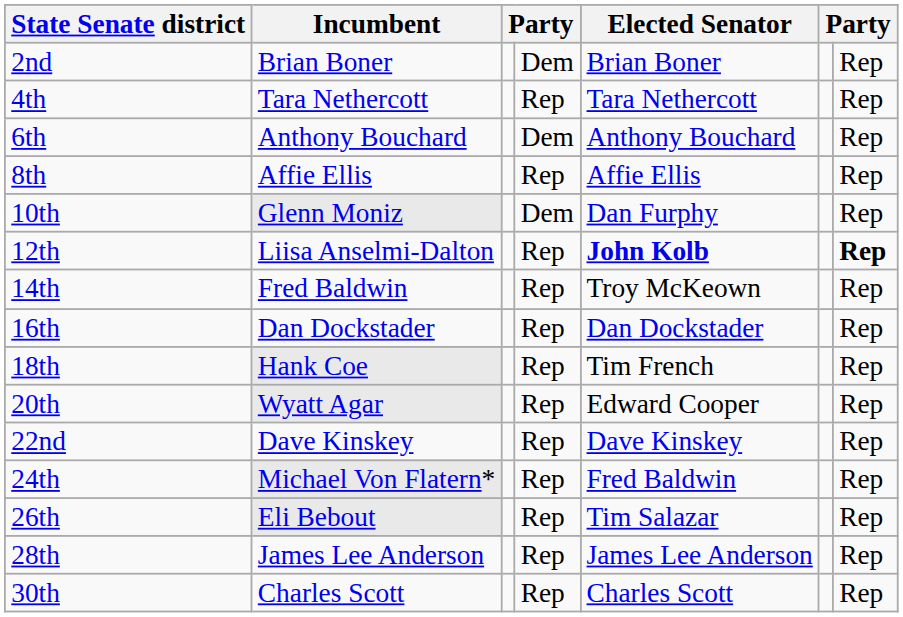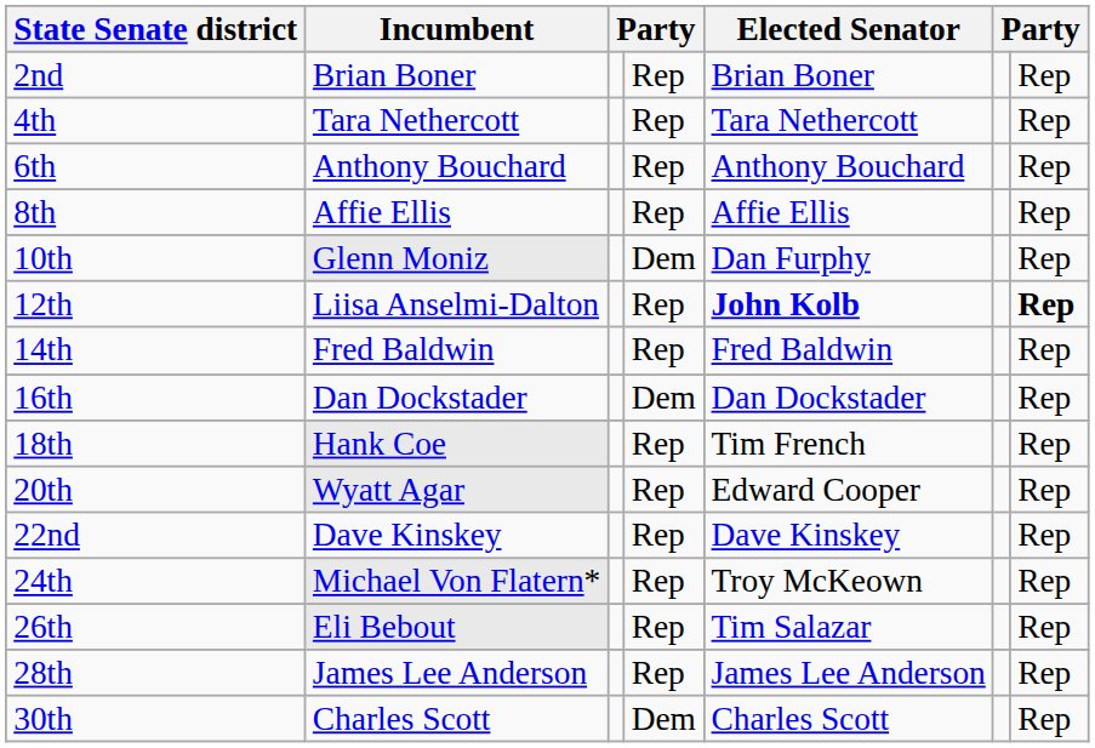 <table class="sortable wikitable" style="font-size:95%;line-height:14px;">
 <tr>
 <th colspan="1" class="unsortable"><a href='#'>State Senate</a> district</th>
 <th class="unsortable">Incumbent</th>
 <th colspan="2">Party</th>
 <th class="unsortable">Elected Senator</th>
 <th colspan="2">Party</th>
 </tr>
 <tr>
 <td><a href='#'>2nd</a></td>
 <td><a href='#'>Brian Boner</a></td>
 <td style="background:"></td>
-<td>Dem</td>
+<td>Rep</td>
 <td><a href='#'>Brian Boner</a></td>
 <td style="background:"></td>
 <td>Rep</td>
 </tr>
 <tr>
 <td><a href='#'>4th</a></td>
 <td><a href='#'>Tara Nethercott</a></td>
 <td style="background:"></td>
 <td>Rep</td>
 <td><a href='#'>Tara Nethercott</a></td>
 <td style="background:"></td>
 <td>Rep</td>
 </tr>
 <tr>
 <td><a href='#'>6th</a></td>
 <td><a href='#'>Anthony Bouchard</a></td>
 <td style="background:"></td>
-<td>Dem</td>
+<td>Rep</td>
 <td><a href='#'>Anthony Bouchard</a></td>
 <td style="background:"></td>
 <td>Rep</td>
 </tr>
 <tr>
 <td><a href='#'>8th</a></td>
 <td><a href='#'>Affie Ellis</a></td>
 <td style="background:"></td>
 <td>Rep</td>
 <td><a href='#'>Affie Ellis</a></td>
 <td style="background:"></td>
 <td>Rep</td>
 </tr>
 <tr>
 <td><a href='#'>10th</a></td>
 <td style="background:#E9E9E9;"><a href='#'>Glenn Moniz</a></td>
 <td style="background:"></td>
 <td>Dem</td>
 <td><a href='#'>Dan Furphy</a></td>
 <td style="background:"></td>
 <td>Rep</td>
 </tr>
 <tr>
 <td><a href='#'>12th</a></td>
 <td><a href='#'>Liisa Anselmi-Dalton</a></td>
 <td style="background:"></td>
 <td>Rep</td>
 <td><strong><a href='#'>John Kolb</a></strong></td>
 <td style="background:"></td>
 <td><strong>Rep</strong></td>
 </tr>
 <tr>
 <td><a href='#'>14th</a></td>
 <td><a href='#'>Fred Baldwin</a></td>
 <td style="background:"></td>
 <td>Rep</td>
-<td>Troy McKeown</td>
+<td><a href='#'>Fred Baldwin</a></td>
 <td style="background:"></td>
 <td>Rep</td>
 </tr>
 <tr>
 <td><a href='#'>16th</a></td>
 <td><a href='#'>Dan Dockstader</a></td>
 <td style="background:"></td>
-<td>Rep</td>
+<td>Dem</td>
 <td><a href='#'>Dan Dockstader</a></td>
 <td style="background:"></td>
 <td>Rep</td>
 </tr>
 <tr>
 <td><a href='#'>18th</a></td>
 <td style="background:#E9E9E9;"><a href='#'>Hank Coe</a></td>
 <td style="background:"></td>
 <td>Rep</td>
 <td>Tim French</td>
 <td style="background:"></td>
 <td>Rep</td>
 </tr>
 <tr>
 <td><a href='#'>20th</a></td>
 <td style="background:#E9E9E9;"><a href='#'>Wyatt Agar</a></td>
 <td style="background:"></td>
 <td>Rep</td>
 <td>Edward Cooper</td>
 <td style="background:"></td>
 <td>Rep</td>
 </tr>
 <tr>
 <td><a href='#'>22nd</a></td>
 <td><a href='#'>Dave Kinskey</a></td>
 <td style="background:"></td>
 <td>Rep</td>
 <td><a href='#'>Dave Kinskey</a></td>
 <td style="background:"></td>
 <td>Rep</td>
 </tr>
 <tr>
 <td><a href='#'>24th</a></td>
 <td style="background:#E9E9E9;"><a href='#'>Michael Von Flatern</a>*</td>
 <td style="background:"></td>
 <td>Rep</td>
-<td><a href='#'>Fred Baldwin</a></td>
+<td>Troy McKeown</td>
 <td style="background:"></td>
 <td>Rep</td>
 </tr>
 <tr>
 <td><a href='#'>26th</a></td>
 <td style="background:#E9E9E9;"><a href='#'>Eli Bebout</a></td>
 <td style="background:"></td>
 <td>Rep</td>
 <td><a href='#'>Tim Salazar</a></td>
 <td style="background:"></td>
 <td>Rep</td>
 </tr>
 <tr>
 <td><a href='#'>28th</a></td>
 <td><a href='#'>James Lee Anderson</a></td>
 <td style="background:"></td>
 <td>Rep</td>
 <td><a href='#'>James Lee Anderson</a></td>
 <td style="background:"></td>
 <td>Rep</td>
 </tr>
 <tr>
 <td><a href='#'>30th</a></td>
 <td><a href='#'>Charles Scott</a></td>
 <td style="background:"></td>
-<td>Rep</td>
+<td>Dem</td>
 <td><a href='#'>Charles Scott</a></td>
 <td style="background:"></td>
 <td>Rep</td>
 </tr>
 </table>
